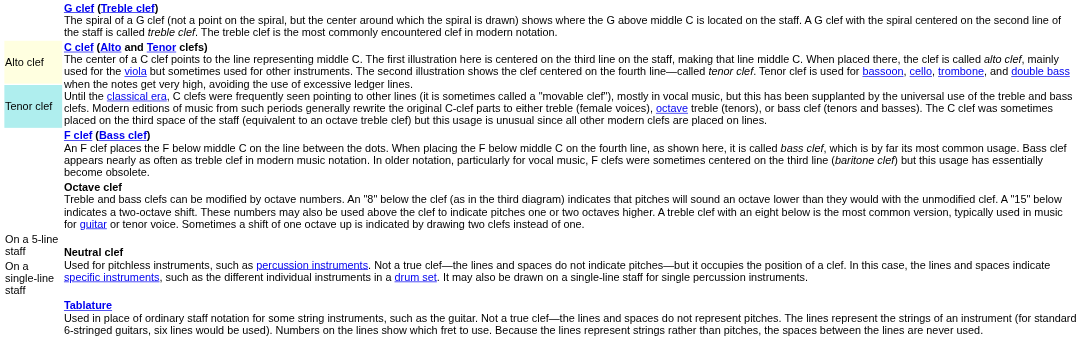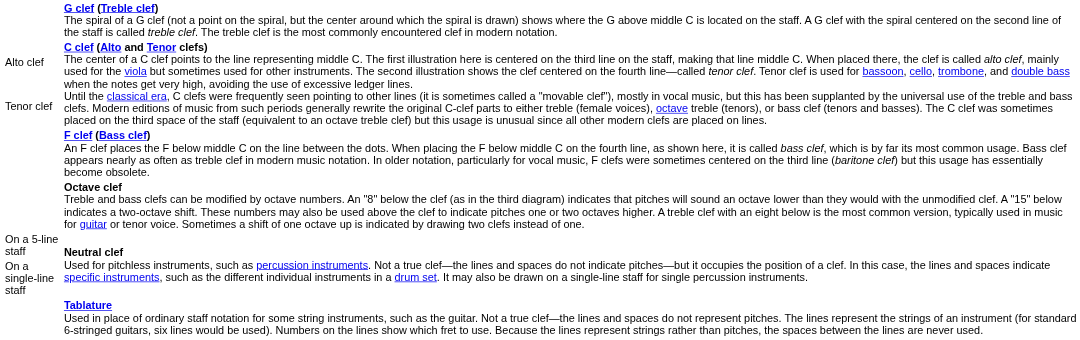 <table class="skin-invert-image">
 <tr>
 <td></td>
 <td><strong><a href='#'>G clef</a> (<a href='#'>Treble clef</a>)</strong><br>The spiral of a G clef (not a point on the spiral, but the center around which the spiral is drawn) shows where the G above middle C is located on the staff. A G clef with the spiral centered on the second line of the staff is called <em>treble clef</em>. The treble clef is the most commonly encountered clef in modern notation.</td>
 </tr>
 <tr>
-<td style="background: lightyellow;">Alto clef<br></td>
+<td>Alto clef<br></td>
 <td rowspan="2"><strong><a href='#'>C clef</a> (<a href='#'>Alto</a> and <a href='#'>Tenor</a> clefs)</strong><br>The center of a C clef points to the line representing middle C. The first illustration here is centered on the third line on the staff, making that line middle C. When placed there, the clef is called <em>alto clef</em>, mainly used for the <a href='#'>viola</a> but sometimes used for other instruments. The second illustration shows the clef centered on the fourth line—called <em>tenor clef</em>. Tenor clef is used for <a href='#'>bassoon</a>, <a href='#'>cello</a>, <a href='#'>trombone</a>, and <a href='#'>double bass</a> when the notes get very high, avoiding the use of excessive ledger lines.<br> Until the <a href='#'>classical era</a>, C clefs were frequently seen pointing to other lines (it is sometimes called a "movable clef"), mostly in vocal music, but this has been supplanted by the universal use of the treble and bass clefs. Modern editions of music from such periods generally rewrite the original C-clef parts to either treble (female voices), <a href='#'>octave</a> treble (tenors), or bass clef (tenors and basses). The C clef was sometimes placed on the third space of the staff (equivalent to an octave treble clef) but this usage is unusual since all other modern clefs are placed on lines.</td>
 </tr>
 <tr>
-<td style="background: paleturquoise;">Tenor clef<br></td>
+<td>Tenor clef<br></td>
 </tr>
 <tr>
 <td></td>
 <td><strong><a href='#'>F clef</a> (<a href='#'>Bass clef</a>)</strong><br>An F clef places the F below middle C on the line between the dots. When placing the F below middle C on the fourth line, as shown here, it is called <em>bass clef</em>, which is by far its most common usage. Bass clef appears nearly as often as treble clef in modern music notation. In older notation, particularly for vocal music, F clefs were sometimes centered on the third line (<em>baritone clef</em>) but this usage has essentially become obsolete.</td>
 </tr>
 <tr>
 <td></td>
 <td rowspan=5><strong>Octave clef</strong><br>Treble and bass clefs can be modified by octave numbers. An "8" below the clef (as in the third diagram) indicates that pitches will sound an octave lower than they would with the unmodified clef. A "15" below indicates a two-octave shift. These numbers may also be used above the clef to indicate pitches one or two octaves higher. A treble clef with an eight below is the most common version, typically used in music for <a href='#'>guitar</a> or tenor voice. Sometimes a shift of one octave up is indicated by drawing two clefs instead of one.</td>
 </tr>
 <tr>
 <td></td>
 </tr>
 <tr>
 <td></td>
 </tr>
 <tr>
 <td></td>
 </tr>
 <tr>
 <td></td>
 </tr>
 <tr>
 <td>On a 5-line staff<br></td>
 <td rowspan="2"><strong>Neutral clef</strong><br>Used for pitchless instruments, such as <a href='#'>percussion instruments</a>. Not a true clef—the lines and spaces do not indicate pitches—but it occupies the position of a clef. In this case, the lines and spaces indicate <a href='#'>specific instruments</a>, such as the different individual instruments in a <a href='#'>drum set</a>. It may also be drawn on a single-line staff for single percussion instruments.</td>
 </tr>
 <tr>
 <td>On a single-line staff<br></td>
 </tr>
 <tr>
 <td></td>
 <td><strong><a href='#'>Tablature</a></strong><br>Used in place of ordinary staff notation for some string instruments, such as the guitar. Not a true clef—the lines and spaces do not represent pitches. The lines represent the strings of an instrument (for standard 6-stringed guitars, six lines would be used). Numbers on the lines show which fret to use. Because the lines represent strings rather than pitches, the spaces between the lines are never used.</td>
 </tr>
 </table>
